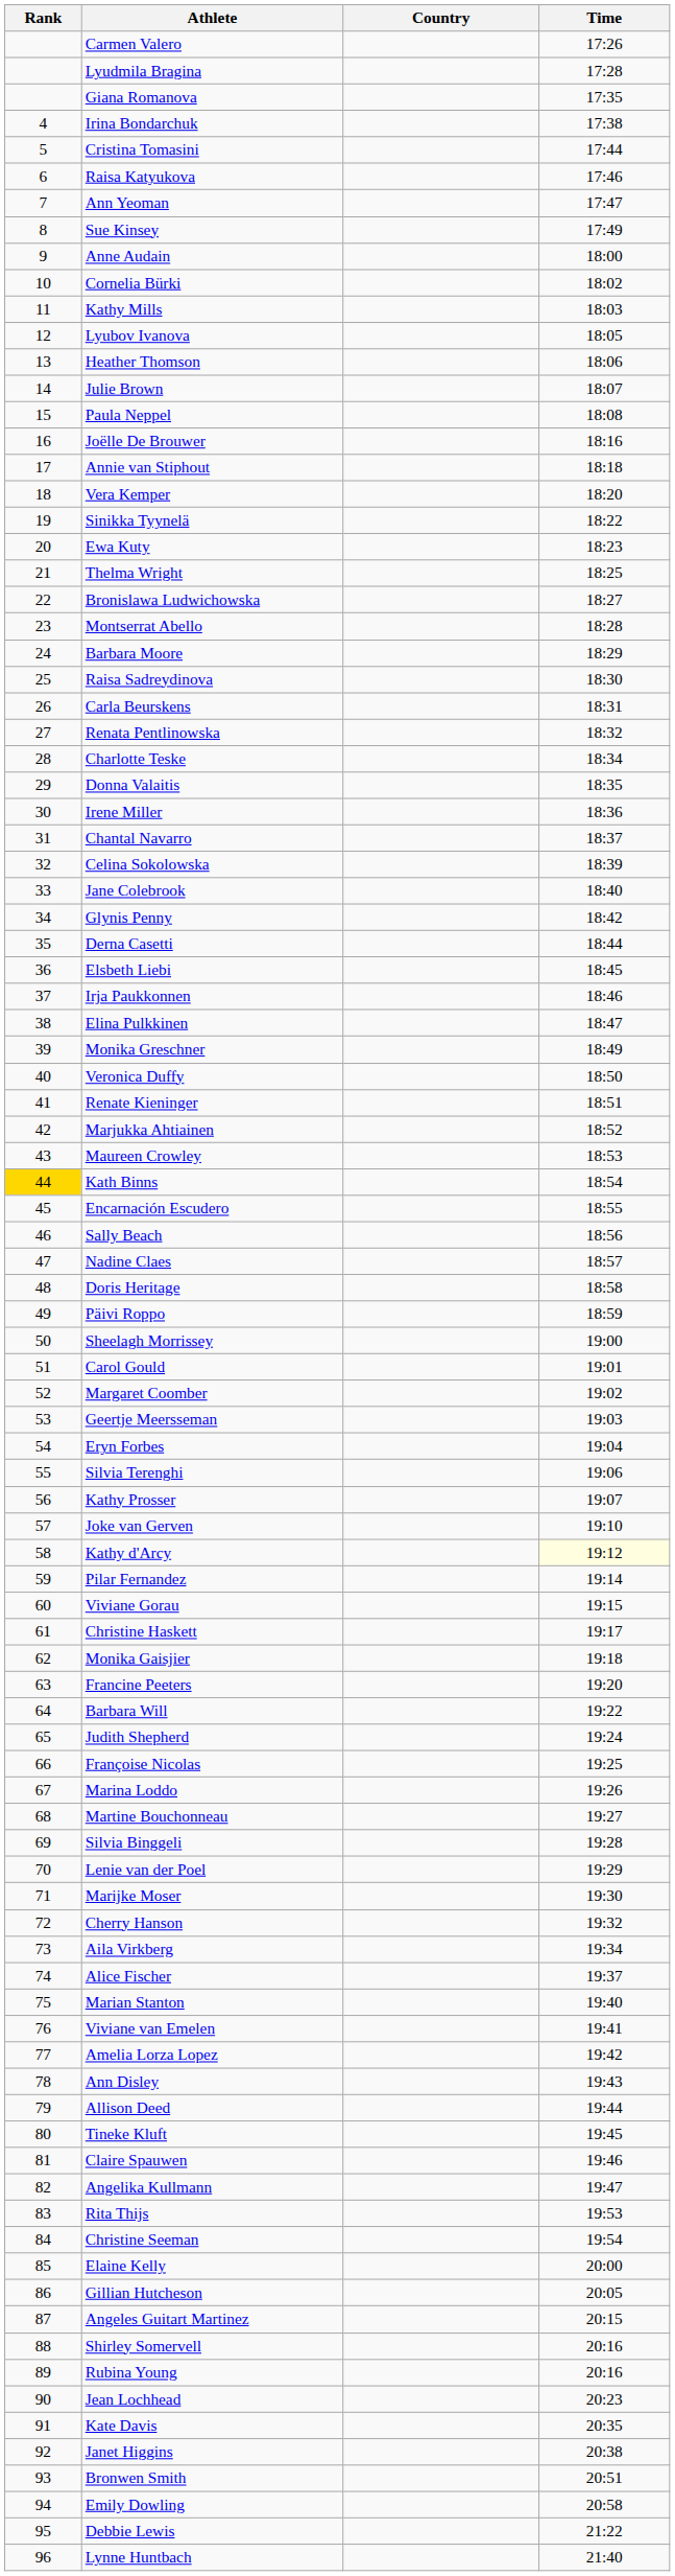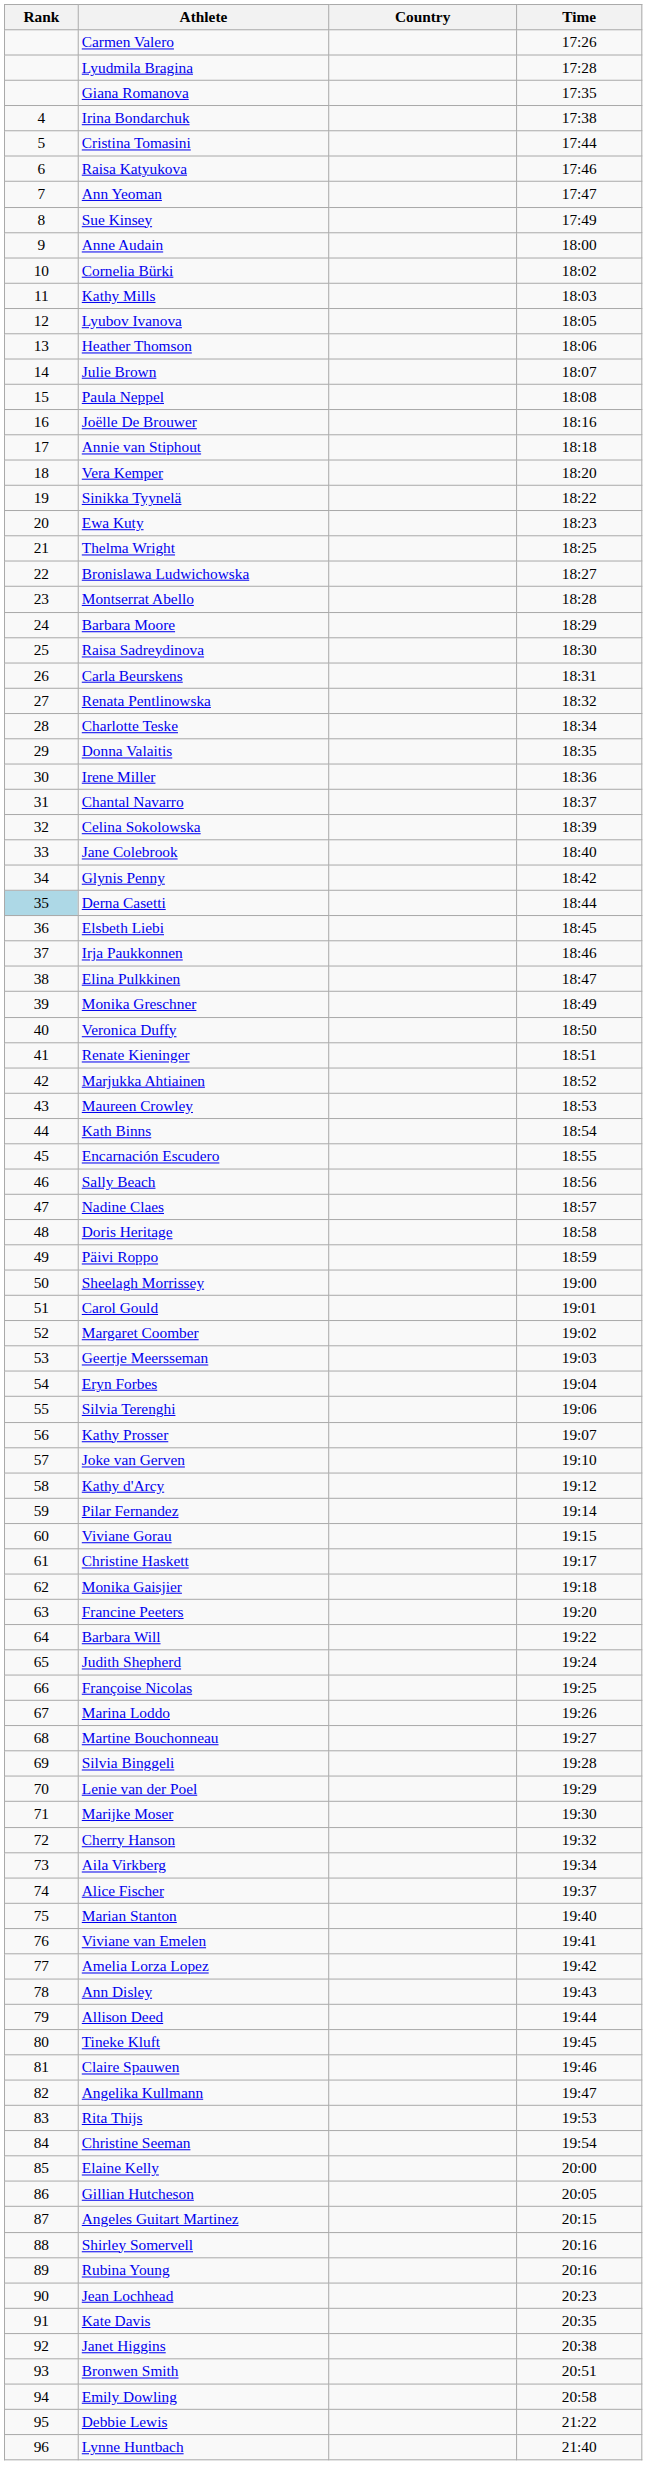 <table class="wikitable sortable" style=" text-align:center; font-size:95%;" width="50%">
 <tr>
 <th width=5%>Rank</th>
 <th width=20%>Athlete</th>
 <th width=15%>Country</th>
 <th width=10%>Time</th>
 </tr>
 <tr>
 <td align=center></td>
 <td align=left><a href='#'>Carmen Valero</a></td>
 <td align=left></td>
 <td>17:26</td>
 </tr>
 <tr>
 <td align=center></td>
 <td align=left><a href='#'>Lyudmila Bragina</a></td>
 <td align=left></td>
 <td>17:28</td>
 </tr>
 <tr>
 <td align=center></td>
 <td align=left><a href='#'>Giana Romanova</a></td>
 <td align=left></td>
 <td>17:35</td>
 </tr>
 <tr>
 <td align=center>4</td>
 <td align=left><a href='#'>Irina Bondarchuk</a></td>
 <td align=left></td>
 <td>17:38</td>
 </tr>
 <tr>
 <td align=center>5</td>
 <td align=left><a href='#'>Cristina Tomasini</a></td>
 <td align=left></td>
 <td>17:44</td>
 </tr>
 <tr>
 <td align=center>6</td>
 <td align=left><a href='#'>Raisa Katyukova</a></td>
 <td align=left></td>
 <td>17:46</td>
 </tr>
 <tr>
 <td align=center>7</td>
 <td align=left><a href='#'>Ann Yeoman</a></td>
 <td align=left></td>
 <td>17:47</td>
 </tr>
 <tr>
 <td align=center>8</td>
 <td align=left><a href='#'>Sue Kinsey</a></td>
 <td align=left></td>
 <td>17:49</td>
 </tr>
 <tr>
 <td align=center>9</td>
 <td align=left><a href='#'>Anne Audain</a></td>
 <td align=left></td>
 <td>18:00</td>
 </tr>
 <tr>
 <td align=center>10</td>
 <td align=left><a href='#'>Cornelia Bürki</a></td>
 <td align=left></td>
 <td>18:02</td>
 </tr>
 <tr>
 <td align=center>11</td>
 <td align=left><a href='#'>Kathy Mills</a></td>
 <td align=left></td>
 <td>18:03</td>
 </tr>
 <tr>
 <td align=center>12</td>
 <td align=left><a href='#'>Lyubov Ivanova</a></td>
 <td align=left></td>
 <td>18:05</td>
 </tr>
 <tr>
 <td align=center>13</td>
 <td align=left><a href='#'>Heather Thomson</a></td>
 <td align=left></td>
 <td>18:06</td>
 </tr>
 <tr>
 <td align=center>14</td>
 <td align=left><a href='#'>Julie Brown</a></td>
 <td align=left></td>
 <td>18:07</td>
 </tr>
 <tr>
 <td align=center>15</td>
 <td align=left><a href='#'>Paula Neppel</a></td>
 <td align=left></td>
 <td>18:08</td>
 </tr>
 <tr>
 <td align=center>16</td>
 <td align=left><a href='#'>Joëlle De Brouwer</a></td>
 <td align=left></td>
 <td>18:16</td>
 </tr>
 <tr>
 <td align=center>17</td>
 <td align=left><a href='#'>Annie van Stiphout</a></td>
 <td align=left></td>
 <td>18:18</td>
 </tr>
 <tr>
 <td align=center>18</td>
 <td align=left><a href='#'>Vera Kemper</a></td>
 <td align=left></td>
 <td>18:20</td>
 </tr>
 <tr>
 <td align=center>19</td>
 <td align=left><a href='#'>Sinikka Tyynelä</a></td>
 <td align=left></td>
 <td>18:22</td>
 </tr>
 <tr>
 <td align=center>20</td>
 <td align=left><a href='#'>Ewa Kuty</a></td>
 <td align=left></td>
 <td>18:23</td>
 </tr>
 <tr>
 <td align=center>21</td>
 <td align=left><a href='#'>Thelma Wright</a></td>
 <td align=left></td>
 <td>18:25</td>
 </tr>
 <tr>
 <td align=center>22</td>
 <td align=left><a href='#'>Bronislawa Ludwichowska</a></td>
 <td align=left></td>
 <td>18:27</td>
 </tr>
 <tr>
 <td align=center>23</td>
 <td align=left><a href='#'>Montserrat Abello</a></td>
 <td align=left></td>
 <td>18:28</td>
 </tr>
 <tr>
 <td align=center>24</td>
 <td align=left><a href='#'>Barbara Moore</a></td>
 <td align=left></td>
 <td>18:29</td>
 </tr>
 <tr>
 <td align=center>25</td>
 <td align=left><a href='#'>Raisa Sadreydinova</a></td>
 <td align=left></td>
 <td>18:30</td>
 </tr>
 <tr>
 <td align=center>26</td>
 <td align=left><a href='#'>Carla Beurskens</a></td>
 <td align=left></td>
 <td>18:31</td>
 </tr>
 <tr>
 <td align=center>27</td>
 <td align=left><a href='#'>Renata Pentlinowska</a></td>
 <td align=left></td>
 <td>18:32</td>
 </tr>
 <tr>
 <td align=center>28</td>
 <td align=left><a href='#'>Charlotte Teske</a></td>
 <td align=left></td>
 <td>18:34</td>
 </tr>
 <tr>
 <td align=center>29</td>
 <td align=left><a href='#'>Donna Valaitis</a></td>
 <td align=left></td>
 <td>18:35</td>
 </tr>
 <tr>
 <td align=center>30</td>
 <td align=left><a href='#'>Irene Miller</a></td>
 <td align=left></td>
 <td>18:36</td>
 </tr>
 <tr>
 <td align=center>31</td>
 <td align=left><a href='#'>Chantal Navarro</a></td>
 <td align=left></td>
 <td>18:37</td>
 </tr>
 <tr>
 <td align=center>32</td>
 <td align=left><a href='#'>Celina Sokolowska</a></td>
 <td align=left></td>
 <td>18:39</td>
 </tr>
 <tr>
 <td align=center>33</td>
 <td align=left><a href='#'>Jane Colebrook</a></td>
 <td align=left></td>
 <td>18:40</td>
 </tr>
 <tr>
 <td align=center>34</td>
 <td align=left><a href='#'>Glynis Penny</a></td>
 <td align=left></td>
 <td>18:42</td>
 </tr>
 <tr>
-<td align=center>35</td>
+<td align=center style="background: lightblue;">35</td>
 <td align=left><a href='#'>Derna Casetti</a></td>
 <td align=left></td>
 <td>18:44</td>
 </tr>
 <tr>
 <td align=center>36</td>
 <td align=left><a href='#'>Elsbeth Liebi</a></td>
 <td align=left></td>
 <td>18:45</td>
 </tr>
 <tr>
 <td align=center>37</td>
 <td align=left><a href='#'>Irja Paukkonnen</a></td>
 <td align=left></td>
 <td>18:46</td>
 </tr>
 <tr>
 <td align=center>38</td>
 <td align=left><a href='#'>Elina Pulkkinen</a></td>
 <td align=left></td>
 <td>18:47</td>
 </tr>
 <tr>
 <td align=center>39</td>
 <td align=left><a href='#'>Monika Greschner</a></td>
 <td align=left></td>
 <td>18:49</td>
 </tr>
 <tr>
 <td align=center>40</td>
 <td align=left><a href='#'>Veronica Duffy</a></td>
 <td align=left></td>
 <td>18:50</td>
 </tr>
 <tr>
 <td align=center>41</td>
 <td align=left><a href='#'>Renate Kieninger</a></td>
 <td align=left></td>
 <td>18:51</td>
 </tr>
 <tr>
 <td align=center>42</td>
 <td align=left><a href='#'>Marjukka Ahtiainen</a></td>
 <td align=left></td>
 <td>18:52</td>
 </tr>
 <tr>
 <td align=center>43</td>
 <td align=left><a href='#'>Maureen Crowley</a></td>
 <td align=left></td>
 <td>18:53</td>
 </tr>
 <tr>
-<td align=center style="background: gold;">44</td>
+<td align=center>44</td>
 <td align=left><a href='#'>Kath Binns</a></td>
 <td align=left></td>
 <td>18:54</td>
 </tr>
 <tr>
 <td align=center>45</td>
 <td align=left><a href='#'>Encarnación Escudero</a></td>
 <td align=left></td>
 <td>18:55</td>
 </tr>
 <tr>
 <td align=center>46</td>
 <td align=left><a href='#'>Sally Beach</a></td>
 <td align=left></td>
 <td>18:56</td>
 </tr>
 <tr>
 <td align=center>47</td>
 <td align=left><a href='#'>Nadine Claes</a></td>
 <td align=left></td>
 <td>18:57</td>
 </tr>
 <tr>
 <td align=center>48</td>
 <td align=left><a href='#'>Doris Heritage</a></td>
 <td align=left></td>
 <td>18:58</td>
 </tr>
 <tr>
 <td align=center>49</td>
 <td align=left><a href='#'>Päivi Roppo</a></td>
 <td align=left></td>
 <td>18:59</td>
 </tr>
 <tr>
 <td align=center>50</td>
 <td align=left><a href='#'>Sheelagh Morrissey</a></td>
 <td align=left></td>
 <td>19:00</td>
 </tr>
 <tr>
 <td align=center>51</td>
 <td align=left><a href='#'>Carol Gould</a></td>
 <td align=left></td>
 <td>19:01</td>
 </tr>
 <tr>
 <td align=center>52</td>
 <td align=left><a href='#'>Margaret Coomber</a></td>
 <td align=left></td>
 <td>19:02</td>
 </tr>
 <tr>
 <td align=center>53</td>
 <td align=left><a href='#'>Geertje Meersseman</a></td>
 <td align=left></td>
 <td>19:03</td>
 </tr>
 <tr>
 <td align=center>54</td>
 <td align=left><a href='#'>Eryn Forbes</a></td>
 <td align=left></td>
 <td>19:04</td>
 </tr>
 <tr>
 <td align=center>55</td>
 <td align=left><a href='#'>Silvia Terenghi</a></td>
 <td align=left></td>
 <td>19:06</td>
 </tr>
 <tr>
 <td align=center>56</td>
 <td align=left><a href='#'>Kathy Prosser</a></td>
 <td align=left></td>
 <td>19:07</td>
 </tr>
 <tr>
 <td align=center>57</td>
 <td align=left><a href='#'>Joke van Gerven</a></td>
 <td align=left></td>
 <td>19:10</td>
 </tr>
 <tr>
 <td align=center>58</td>
 <td align=left><a href='#'>Kathy d'Arcy</a></td>
 <td align=left></td>
-<td style="background: lightyellow;">19:12</td>
+<td>19:12</td>
 </tr>
 <tr>
 <td align=center>59</td>
 <td align=left><a href='#'>Pilar Fernandez</a></td>
 <td align=left></td>
 <td>19:14</td>
 </tr>
 <tr>
 <td align=center>60</td>
 <td align=left><a href='#'>Viviane Gorau</a></td>
 <td align=left></td>
 <td>19:15</td>
 </tr>
 <tr>
 <td align=center>61</td>
 <td align=left><a href='#'>Christine Haskett</a></td>
 <td align=left></td>
 <td>19:17</td>
 </tr>
 <tr>
 <td align=center>62</td>
 <td align=left><a href='#'>Monika Gaisjier</a></td>
 <td align=left></td>
 <td>19:18</td>
 </tr>
 <tr>
 <td align=center>63</td>
 <td align=left><a href='#'>Francine Peeters</a></td>
 <td align=left></td>
 <td>19:20</td>
 </tr>
 <tr>
 <td align=center>64</td>
 <td align=left><a href='#'>Barbara Will</a></td>
 <td align=left></td>
 <td>19:22</td>
 </tr>
 <tr>
 <td align=center>65</td>
 <td align=left><a href='#'>Judith Shepherd</a></td>
 <td align=left></td>
 <td>19:24</td>
 </tr>
 <tr>
 <td align=center>66</td>
 <td align=left><a href='#'>Françoise Nicolas</a></td>
 <td align=left></td>
 <td>19:25</td>
 </tr>
 <tr>
 <td align=center>67</td>
 <td align=left><a href='#'>Marina Loddo</a></td>
 <td align=left></td>
 <td>19:26</td>
 </tr>
 <tr>
 <td align=center>68</td>
 <td align=left><a href='#'>Martine Bouchonneau</a></td>
 <td align=left></td>
 <td>19:27</td>
 </tr>
 <tr>
 <td align=center>69</td>
 <td align=left><a href='#'>Silvia Binggeli</a></td>
 <td align=left></td>
 <td>19:28</td>
 </tr>
 <tr>
 <td align=center>70</td>
 <td align=left><a href='#'>Lenie van der Poel</a></td>
 <td align=left></td>
 <td>19:29</td>
 </tr>
 <tr>
 <td align=center>71</td>
 <td align=left><a href='#'>Marijke Moser</a></td>
 <td align=left></td>
 <td>19:30</td>
 </tr>
 <tr>
 <td align=center>72</td>
 <td align=left><a href='#'>Cherry Hanson</a></td>
 <td align=left></td>
 <td>19:32</td>
 </tr>
 <tr>
 <td align=center>73</td>
 <td align=left><a href='#'>Aila Virkberg</a></td>
 <td align=left></td>
 <td>19:34</td>
 </tr>
 <tr>
 <td align=center>74</td>
 <td align=left><a href='#'>Alice Fischer</a></td>
 <td align=left></td>
 <td>19:37</td>
 </tr>
 <tr>
 <td align=center>75</td>
 <td align=left><a href='#'>Marian Stanton</a></td>
 <td align=left></td>
 <td>19:40</td>
 </tr>
 <tr>
 <td align=center>76</td>
 <td align=left><a href='#'>Viviane van Emelen</a></td>
 <td align=left></td>
 <td>19:41</td>
 </tr>
 <tr>
 <td align=center>77</td>
 <td align=left><a href='#'>Amelia Lorza Lopez</a></td>
 <td align=left></td>
 <td>19:42</td>
 </tr>
 <tr>
 <td align=center>78</td>
 <td align=left><a href='#'>Ann Disley</a></td>
 <td align=left></td>
 <td>19:43</td>
 </tr>
 <tr>
 <td align=center>79</td>
 <td align=left><a href='#'>Allison Deed</a></td>
 <td align=left></td>
 <td>19:44</td>
 </tr>
 <tr>
 <td align=center>80</td>
 <td align=left><a href='#'>Tineke Kluft</a></td>
 <td align=left></td>
 <td>19:45</td>
 </tr>
 <tr>
 <td align=center>81</td>
 <td align=left><a href='#'>Claire Spauwen</a></td>
 <td align=left></td>
 <td>19:46</td>
 </tr>
 <tr>
 <td align=center>82</td>
 <td align=left><a href='#'>Angelika Kullmann</a></td>
 <td align=left></td>
 <td>19:47</td>
 </tr>
 <tr>
 <td align=center>83</td>
 <td align=left><a href='#'>Rita Thijs</a></td>
 <td align=left></td>
 <td>19:53</td>
 </tr>
 <tr>
 <td align=center>84</td>
 <td align=left><a href='#'>Christine Seeman</a></td>
 <td align=left></td>
 <td>19:54</td>
 </tr>
 <tr>
 <td align=center>85</td>
 <td align=left><a href='#'>Elaine Kelly</a></td>
 <td align=left></td>
 <td>20:00</td>
 </tr>
 <tr>
 <td align=center>86</td>
 <td align=left><a href='#'>Gillian Hutcheson</a></td>
 <td align=left></td>
 <td>20:05</td>
 </tr>
 <tr>
 <td align=center>87</td>
 <td align=left><a href='#'>Angeles Guitart Martinez</a></td>
 <td align=left></td>
 <td>20:15</td>
 </tr>
 <tr>
 <td align=center>88</td>
 <td align=left><a href='#'>Shirley Somervell</a></td>
 <td align=left></td>
 <td>20:16</td>
 </tr>
 <tr>
 <td align=center>89</td>
 <td align=left><a href='#'>Rubina Young</a></td>
 <td align=left></td>
 <td>20:16</td>
 </tr>
 <tr>
 <td align=center>90</td>
 <td align=left><a href='#'>Jean Lochhead</a></td>
 <td align=left></td>
 <td>20:23</td>
 </tr>
 <tr>
 <td align=center>91</td>
 <td align=left><a href='#'>Kate Davis</a></td>
 <td align=left></td>
 <td>20:35</td>
 </tr>
 <tr>
 <td align=center>92</td>
 <td align=left><a href='#'>Janet Higgins</a></td>
 <td align=left></td>
 <td>20:38</td>
 </tr>
 <tr>
 <td align=center>93</td>
 <td align=left><a href='#'>Bronwen Smith</a></td>
 <td align=left></td>
 <td>20:51</td>
 </tr>
 <tr>
 <td align=center>94</td>
 <td align=left><a href='#'>Emily Dowling</a></td>
 <td align=left></td>
 <td>20:58</td>
 </tr>
 <tr>
 <td align=center>95</td>
 <td align=left><a href='#'>Debbie Lewis</a></td>
 <td align=left></td>
 <td>21:22</td>
 </tr>
 <tr>
 <td align=center>96</td>
 <td align=left><a href='#'>Lynne Huntbach</a></td>
 <td align=left></td>
 <td>21:40</td>
 </tr>
 </table>
